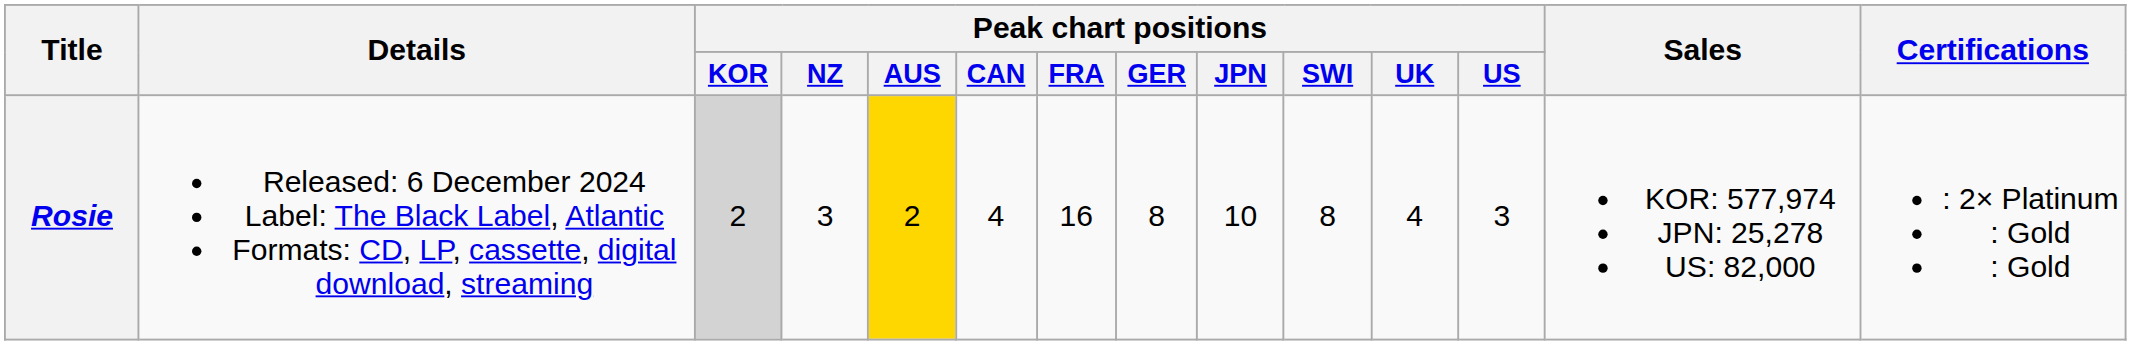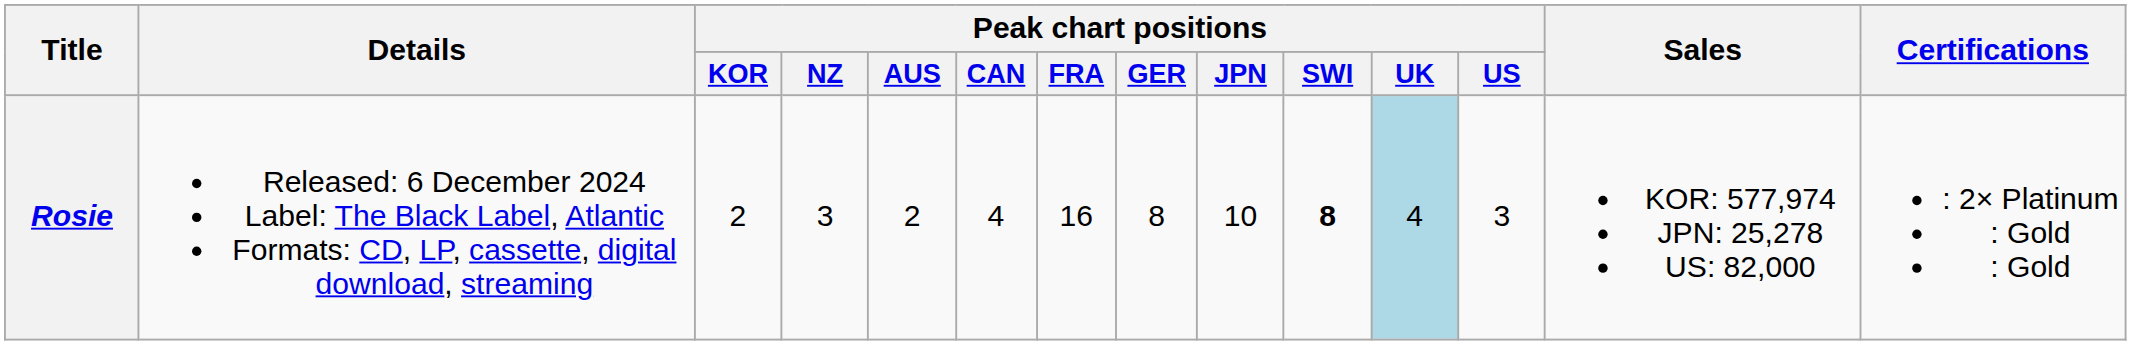 <table class="wikitable plainrowheaders" style="text-align:center">
 <tr>
 <th scope="col" rowspan="2" style="width:4em">Title</th>
 <th scope="col" rowspan="2" style="width:18em">Details</th>
 <th scope="col" colspan="10">Peak chart positions</th>
 <th scope="col" rowspan="2" style="width:10em">Sales</th>
 <th scope="col" rowspan="2"><a href='#'>Certifications</a></th>
 </tr>
 <tr>
 <th scope="col" style="width:2.75em;font-size:90%"><a href='#'>KOR</a><br></th>
 <th scope="col" style="width:2.75em;font-size:90%"><a href='#'>NZ</a><br></th>
 <th scope="col" style="width:2.75em;font-size:90%"><a href='#'>AUS</a><br></th>
 <th scope="col" style="width:2.5em;font-size:90%"><a href='#'>CAN</a><br></th>
 <th scope="col" style="width:2.5em;font-size:90%"><a href='#'>FRA</a><br></th>
 <th scope="col" style="width:2.5em;font-size:90%"><a href='#'>GER</a><br></th>
 <th scope="col" style="width:2.75em;font-size:90%"><a href='#'>JPN</a><br></th>
 <th scope="col" style="width:2.75em;font-size:90%"><a href='#'>SWI</a><br></th>
 <th scope="col" style="width:2.75em;font-size:90%"><a href='#'>UK</a><br></th>
 <th scope="col" style="width:2.75em;font-size:90%"><a href='#'>US</a><br></th>
 </tr>
 <tr>
 <th scope="row"><em><a href='#'>Rosie</a></em></th>
 <td><br><ul><li>Released: 6 December 2024</li><li>Label: <a href='#'>The Black Label</a>, <a href='#'>Atlantic</a></li><li>Formats: <a href='#'>CD</a>, <a href='#'>LP</a>, <a href='#'>cassette</a>, <a href='#'>digital download</a>, <a href='#'>streaming</a></li></ul></td>
-<td style="background: lightgrey;">2</td>
+<td>2</td>
 <td>3</td>
-<td style="background: gold;">2</td>
+<td>2</td>
 <td>4</td>
 <td>16</td>
 <td>8</td>
 <td>10</td>
-<td>8</td>
-<td>4</td>
+<td><strong>8</strong></td>
+<td style="background: lightblue;">4</td>
 <td>3</td>
 <td><br><ul><li>KOR: 577,974</li><li>JPN: 25,278</li><li>US: 82,000</li></ul></td>
 <td><br><ul><li><a href='#'></a>: 2× Platinum</li><li><a href='#'></a>: Gold</li><li><a href='#'></a>: Gold</li></ul></td>
 </tr>
 </table>
